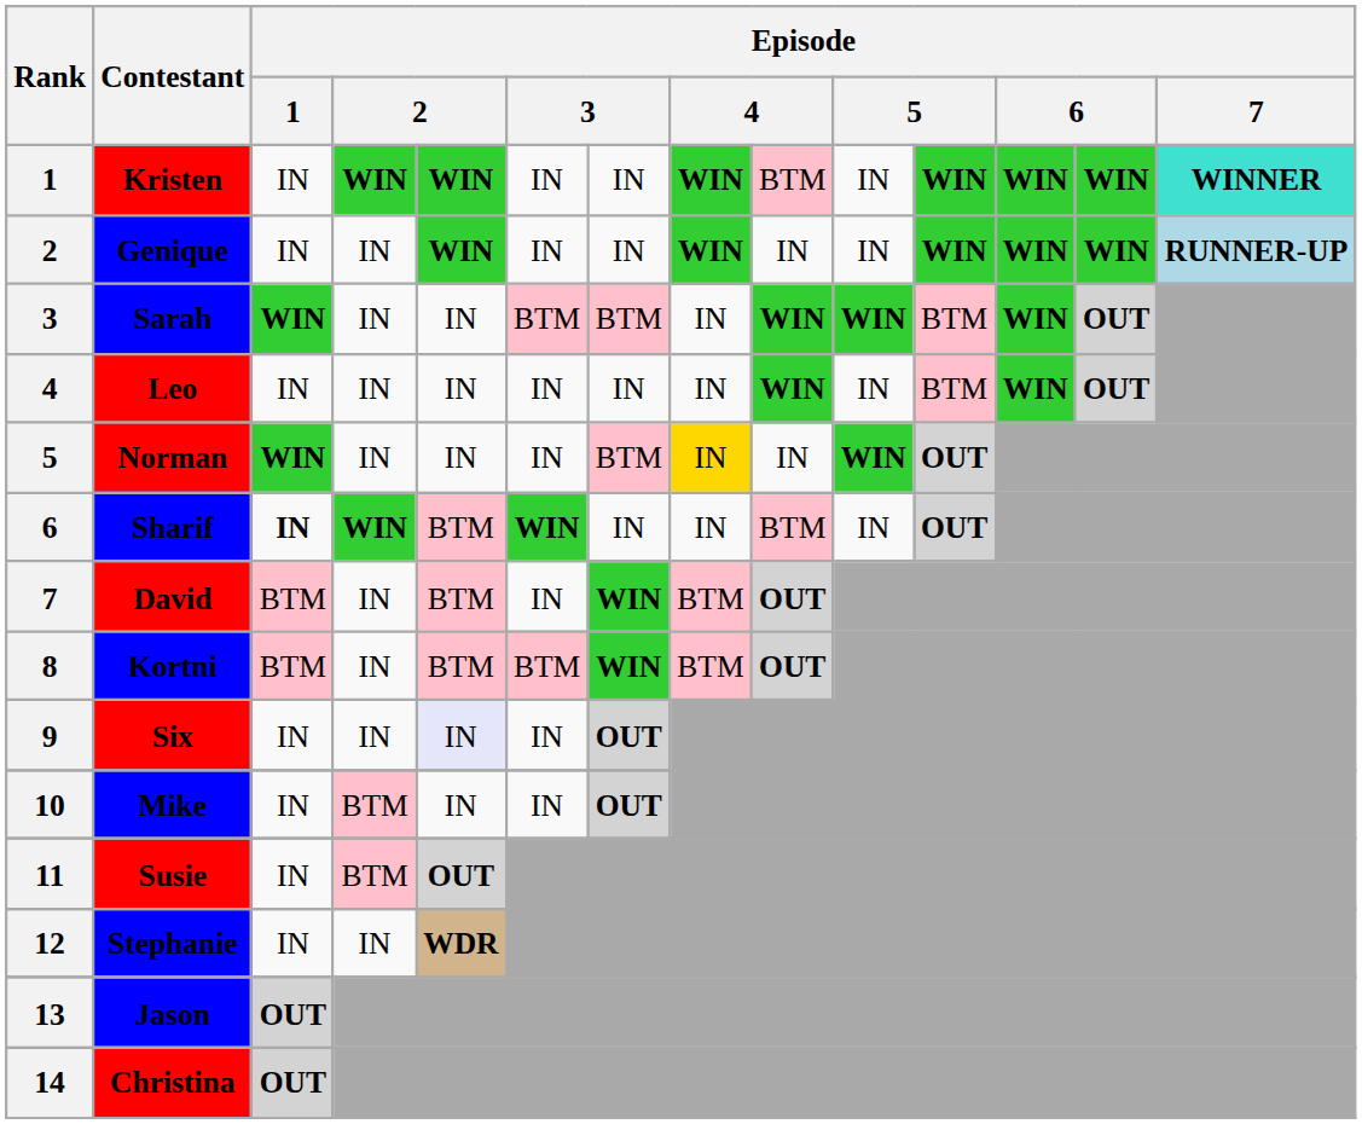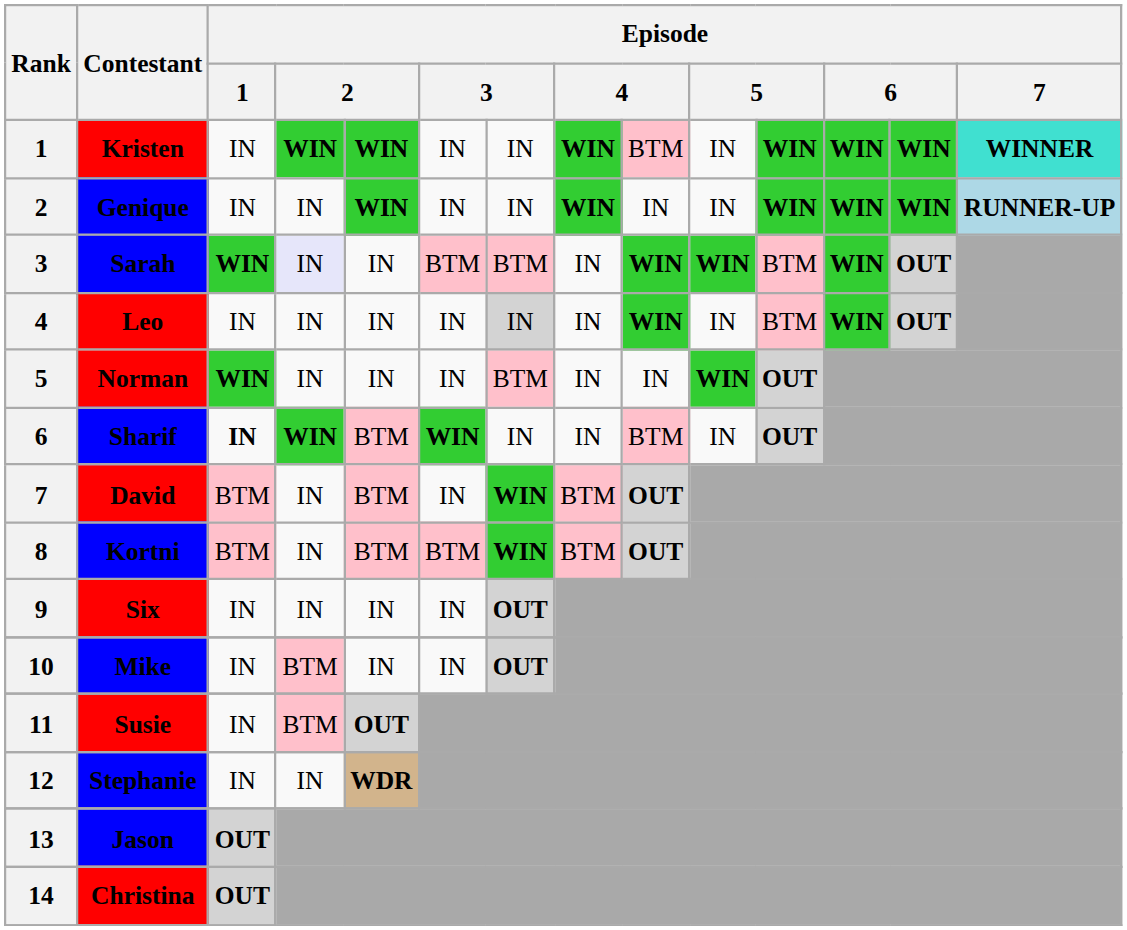 <table class="wikitable" style="text-align: center; font-size: 8.5pt; line-height:20px;">
 <tr>
 <th rowspan=2>Rank</th>
 <th rowspan=2>Contestant</th>
 <th colspan=12>Episode</th>
 </tr>
 <tr>
 <th>1</th>
 <th colspan=2>2</th>
 <th colspan=2>3</th>
 <th colspan=2>4</th>
 <th colspan=2>5</th>
 <th colspan=2>6</th>
 <th>7</th>
 </tr>
 <tr>
 <th>1</th>
 <td style="background:red"><span><strong>Kristen</strong></span></td>
 <td>IN</td>
 <td style="background:limegreen;"><strong>WIN</strong></td>
 <td style="background:limegreen;"><strong>WIN</strong></td>
 <td>IN</td>
 <td>IN</td>
 <td style="background:limegreen;"><strong>WIN</strong></td>
 <td style="background:pink;">BTM</td>
 <td>IN</td>
 <td style="background:limegreen;"><strong>WIN</strong></td>
 <td style="background:limegreen;"><strong>WIN</strong></td>
 <td style="background:limegreen;"><strong>WIN</strong></td>
 <td style="background:turquoise;"><strong>WINNER</strong></td>
 </tr>
 <tr>
 <th>2</th>
 <td style="background:blue"><span><strong>Genique</strong></span></td>
 <td>IN</td>
 <td>IN</td>
 <td style="background:limegreen;"><strong>WIN</strong></td>
 <td>IN</td>
 <td>IN</td>
 <td style="background:limegreen;"><strong>WIN</strong></td>
 <td>IN</td>
 <td>IN</td>
 <td style="background:limegreen;"><strong>WIN</strong></td>
 <td style="background:limegreen;"><strong>WIN</strong></td>
 <td style="background:limegreen;"><strong>WIN</strong></td>
 <td style="background:lightblue;"><strong>RUNNER-UP</strong></td>
 </tr>
 <tr>
 <th>3</th>
 <td style="background:blue"><span><strong>Sarah</strong></span></td>
 <td style="background:limegreen;"><strong>WIN</strong></td>
-<td>IN</td>
+<td style="background: lavender;">IN</td>
 <td>IN</td>
 <td style="background:pink;">BTM</td>
 <td style="background:pink;">BTM</td>
 <td>IN</td>
 <td style="background:limegreen;"><strong>WIN</strong></td>
 <td style="background:limegreen;"><strong>WIN</strong></td>
 <td style="background:pink;">BTM</td>
 <td style="background:limegreen;"><strong>WIN</strong></td>
 <td style="background:lightgray;"><strong>OUT</strong></td>
 <td colspan="4" style="background:darkgrey;"></td>
 </tr>
 <tr>
 <th>4</th>
 <td style="background:red"><span><strong>Leo</strong></span></td>
 <td>IN</td>
 <td>IN</td>
 <td>IN</td>
 <td>IN</td>
-<td>IN</td>
+<td style="background: lightgrey;">IN</td>
 <td>IN</td>
 <td style="background:limegreen;"><strong>WIN</strong></td>
 <td>IN</td>
 <td style="background:pink;">BTM</td>
 <td style="background:limegreen;"><strong>WIN</strong></td>
 <td style="background:lightgray;"><strong>OUT</strong></td>
 <td colspan="4" style="background:darkgrey;"></td>
 </tr>
 <tr>
 <th>5</th>
 <td style="background:red"><span><strong>Norman</strong></span></td>
 <td style="background:limegreen;"><strong>WIN</strong></td>
 <td>IN</td>
 <td>IN</td>
 <td>IN</td>
 <td style="background:pink;">BTM</td>
-<td style="background: gold;">IN</td>
+<td>IN</td>
 <td>IN</td>
 <td style="background:limegreen;"><strong>WIN</strong></td>
 <td style="background:lightgray;"><strong>OUT</strong></td>
 <td colspan="5" style="background:darkgrey;"></td>
 </tr>
 <tr>
 <th>6</th>
 <td style="background:blue"><span><strong>Sharif</strong></span></td>
 <td><strong>IN</strong></td>
 <td style="background:limegreen;"><strong>WIN</strong></td>
 <td style="background:pink;">BTM</td>
 <td style="background:limegreen;"><strong>WIN</strong></td>
 <td>IN</td>
 <td>IN</td>
 <td style="background:pink;">BTM</td>
 <td>IN</td>
 <td style="background:lightgray;"><strong>OUT</strong></td>
 <td colspan="5" style="background:darkgrey;"></td>
 </tr>
 <tr>
 <th>7</th>
 <td style="background:red"><span><strong>David</strong></span></td>
 <td style="background:pink;">BTM</td>
 <td>IN</td>
 <td style="background:pink;">BTM</td>
 <td>IN</td>
 <td style="background:limegreen;"><strong>WIN</strong></td>
 <td style="background:pink;">BTM</td>
 <td style="background:lightgray;"><strong>OUT</strong></td>
 <td colspan="7" style="background:darkgrey;"></td>
 </tr>
 <tr>
 <th>8</th>
 <td style="background:blue"><span><strong>Kortni</strong></span></td>
 <td style="background:pink;">BTM</td>
 <td>IN</td>
 <td style="background:pink;">BTM</td>
 <td style="background:pink;">BTM</td>
 <td style="background:limegreen;"><strong>WIN</strong></td>
 <td style="background:pink;">BTM</td>
 <td style="background:lightgray;"><strong>OUT</strong></td>
 <td colspan="7" style="background:darkgrey;"></td>
 </tr>
 <tr>
 <th>9</th>
 <td style="background:red"><span><strong>Six</strong></span></td>
 <td>IN</td>
 <td>IN</td>
-<td style="background: lavender;">IN</td>
+<td>IN</td>
 <td>IN</td>
 <td style="background:lightgray;"><strong>OUT</strong></td>
 <td colspan="8" style="background:darkgrey;"></td>
 </tr>
 <tr>
 </tr>
 <tr>
 <th>10</th>
 <td style="background:blue"><span><strong>Mike</strong></span></td>
 <td>IN</td>
 <td style="background:pink;">BTM</td>
 <td>IN</td>
 <td>IN</td>
 <td style="background:lightgray;"><strong>OUT</strong></td>
 <td colspan="8" style="background:darkgrey;"></td>
 </tr>
 <tr>
 </tr>
 <tr>
 <th>11</th>
 <td style="background:red"><span><strong>Susie</strong></span></td>
 <td>IN</td>
 <td style="background:pink;">BTM</td>
 <td style="background:lightgray;"><strong>OUT</strong></td>
 <td colspan="9" style="background:darkgrey;"></td>
 </tr>
 <tr>
 </tr>
 <tr>
 <th>12</th>
 <td style="background:blue"><span><strong>Stephanie</strong></span></td>
 <td>IN</td>
 <td>IN</td>
 <td style="background:tan;"><strong>WDR</strong></td>
 <td colspan="9" style="background:darkgrey;"></td>
 </tr>
 <tr>
 </tr>
 <tr>
 <th>13</th>
 <td style="background:blue"><span><strong>Jason</strong></span></td>
 <td style="background:lightgray;"><strong>OUT</strong></td>
 <td colspan="11" style="background:darkgrey;"></td>
 </tr>
 <tr>
 </tr>
 <tr>
 <th>14</th>
 <td style="background:red"><span><strong>Christina</strong></span></td>
 <td style="background:lightgray;"><strong>OUT</strong></td>
 <td colspan="11" style="background:darkgrey;"></td>
 </tr>
 <tr>
 </tr>
 <tr>
 </tr>
 </table>
